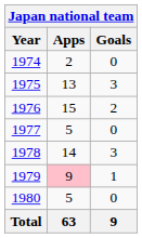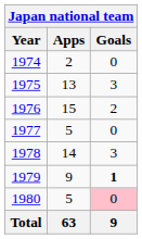 <table class="wikitable" style="text-align:center">
 <tr>
 <th colspan=3><a href='#'>Japan national team</a></th>
 </tr>
 <tr>
 <th>Year</th>
 <th>Apps</th>
 <th>Goals</th>
 </tr>
 <tr>
 <td><a href='#'>1974</a></td>
 <td>2</td>
 <td>0</td>
 </tr>
 <tr>
 <td><a href='#'>1975</a></td>
 <td>13</td>
 <td>3</td>
 </tr>
 <tr>
 <td><a href='#'>1976</a></td>
 <td>15</td>
 <td>2</td>
 </tr>
 <tr>
 <td><a href='#'>1977</a></td>
 <td>5</td>
 <td>0</td>
 </tr>
 <tr>
 <td><a href='#'>1978</a></td>
 <td>14</td>
 <td>3</td>
 </tr>
 <tr>
 <td><a href='#'>1979</a></td>
-<td style="background: pink;">9</td>
-<td>1</td>
+<td>9</td>
+<td><strong>1</strong></td>
 </tr>
 <tr>
 <td><a href='#'>1980</a></td>
 <td>5</td>
-<td>0</td>
+<td style="background: pink;">0</td>
 </tr>
 <tr>
 <th>Total</th>
 <th>63</th>
 <th>9</th>
 </tr>
 </table>
